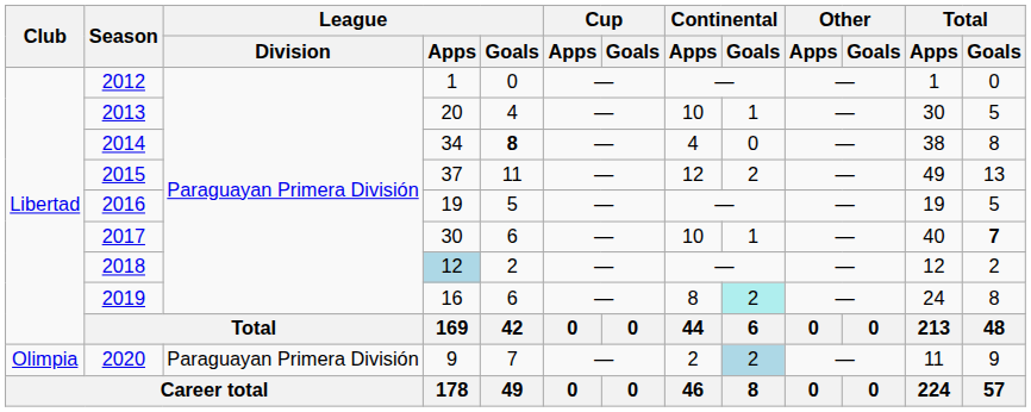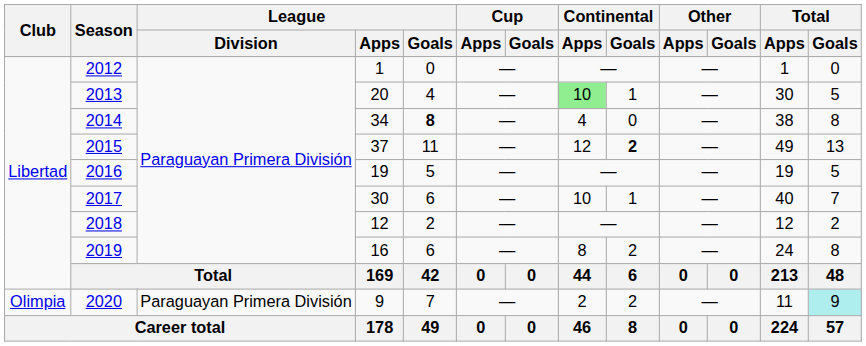 <table class="wikitable" style="text-align:center">
 <tr>
 <th rowspan="2">Club</th>
 <th rowspan="2">Season</th>
 <th colspan="3">League</th>
 <th colspan="2">Cup</th>
 <th colspan="2">Continental</th>
 <th colspan="2">Other</th>
 <th colspan="2">Total</th>
 </tr>
 <tr>
 <th>Division</th>
 <th>Apps</th>
 <th>Goals</th>
 <th>Apps</th>
 <th>Goals</th>
 <th>Apps</th>
 <th>Goals</th>
 <th>Apps</th>
 <th>Goals</th>
 <th>Apps</th>
 <th>Goals</th>
 </tr>
 <tr>
 <td rowspan="9"><a href='#'>Libertad</a></td>
 <td><a href='#'>2012</a></td>
 <td rowspan="8"><a href='#'>Paraguayan Primera División</a></td>
 <td>1</td>
 <td>0</td>
 <td colspan="2">—</td>
 <td colspan="2">—</td>
 <td colspan="2">—</td>
 <td>1</td>
 <td>0</td>
 </tr>
 <tr>
 <td><a href='#'>2013</a></td>
 <td>20</td>
 <td>4</td>
 <td colspan="2">—</td>
-<td>10</td>
+<td style="background: lightgreen;">10</td>
 <td>1</td>
 <td colspan="2">—</td>
 <td>30</td>
 <td>5</td>
 </tr>
 <tr>
 <td><a href='#'>2014</a></td>
 <td>34</td>
 <td><strong>8</strong></td>
 <td colspan="2">—</td>
 <td>4</td>
 <td>0</td>
 <td colspan="2">—</td>
 <td>38</td>
 <td>8</td>
 </tr>
 <tr>
 <td><a href='#'>2015</a></td>
 <td>37</td>
 <td>11</td>
 <td colspan="2">—</td>
 <td>12</td>
-<td>2</td>
+<td><strong>2</strong></td>
 <td colspan="2">—</td>
 <td>49</td>
 <td>13</td>
 </tr>
 <tr>
 <td><a href='#'>2016</a></td>
 <td>19</td>
 <td>5</td>
 <td colspan="2">—</td>
 <td colspan="2">—</td>
 <td colspan="2">—</td>
 <td>19</td>
 <td>5</td>
 </tr>
 <tr>
 <td><a href='#'>2017</a></td>
 <td>30</td>
 <td>6</td>
 <td colspan="2">—</td>
 <td>10</td>
 <td>1</td>
 <td colspan="2">—</td>
 <td>40</td>
-<td><strong>7</strong></td>
+<td>7</td>
 </tr>
 <tr>
 <td><a href='#'>2018</a></td>
-<td style="background: lightblue;">12</td>
+<td>12</td>
 <td>2</td>
 <td colspan="2">—</td>
 <td colspan="2">—</td>
 <td colspan="2">—</td>
 <td>12</td>
 <td>2</td>
 </tr>
 <tr>
 <td><a href='#'>2019</a></td>
 <td>16</td>
 <td>6</td>
 <td colspan="2">—</td>
 <td>8</td>
-<td style="background: paleturquoise;">2</td>
+<td>2</td>
 <td colspan="2">—</td>
 <td>24</td>
 <td>8</td>
 </tr>
 <tr>
 <th colspan="2">Total</th>
 <th>169</th>
 <th>42</th>
 <th>0</th>
 <th>0</th>
 <th>44</th>
 <th>6</th>
 <th>0</th>
 <th>0</th>
 <th>213</th>
 <th>48</th>
 </tr>
 <tr>
 <td><a href='#'>Olimpia</a></td>
 <td><a href='#'>2020</a></td>
 <td>Paraguayan Primera División</td>
 <td>9</td>
 <td>7</td>
 <td colspan="2">—</td>
 <td>2</td>
-<td style="background: lightblue;">2</td>
+<td>2</td>
 <td colspan="2">—</td>
 <td>11</td>
-<td>9</td>
+<td style="background: paleturquoise;">9</td>
 </tr>
 <tr>
 <th colspan="3">Career total</th>
 <th>178</th>
 <th>49</th>
 <th>0</th>
 <th>0</th>
 <th>46</th>
 <th>8</th>
 <th>0</th>
 <th>0</th>
 <th>224</th>
 <th>57</th>
 </tr>
 </table>
